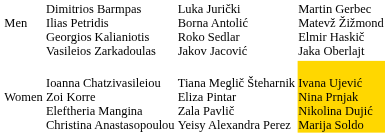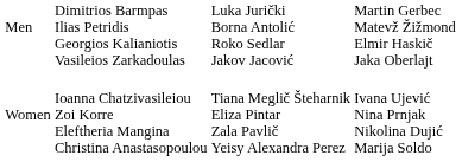 <table>
 <tr>
 <td>Men</td>
 <td><br>Dimitrios Barmpas<br>Ilias Petridis<br>Georgios Kalianiotis<br>Vasileios Zarkadoulas</td>
 <td><br>Luka Jurički<br>Borna Antolić<br>Roko Sedlar<br>Jakov Jacović</td>
 <td nowrap><br>Martin Gerbec<br>Matevž Žižmond<br>Elmir Haskič<br>Jaka Oberlajt</td>
 </tr>
 <tr>
 <td>Women</td>
 <td nowrap><br>Ioanna Chatzivasileiou<br>Zoi Korre<br>Eleftheria Mangina<br>Christina Anastasopoulou</td>
 <td nowrap><br>Tiana Meglič Šteharnik<br>Eliza Pintar<br>Zala Pavlič<br>Yeisy Alexandra Perez</td>
-<td style="background: gold;"><br>Ivana Ujević<br>Nina Prnjak<br>Nikolina Dujić<br>Marija Soldo</td>
+<td><br>Ivana Ujević<br>Nina Prnjak<br>Nikolina Dujić<br>Marija Soldo</td>
 </tr>
 </table>
